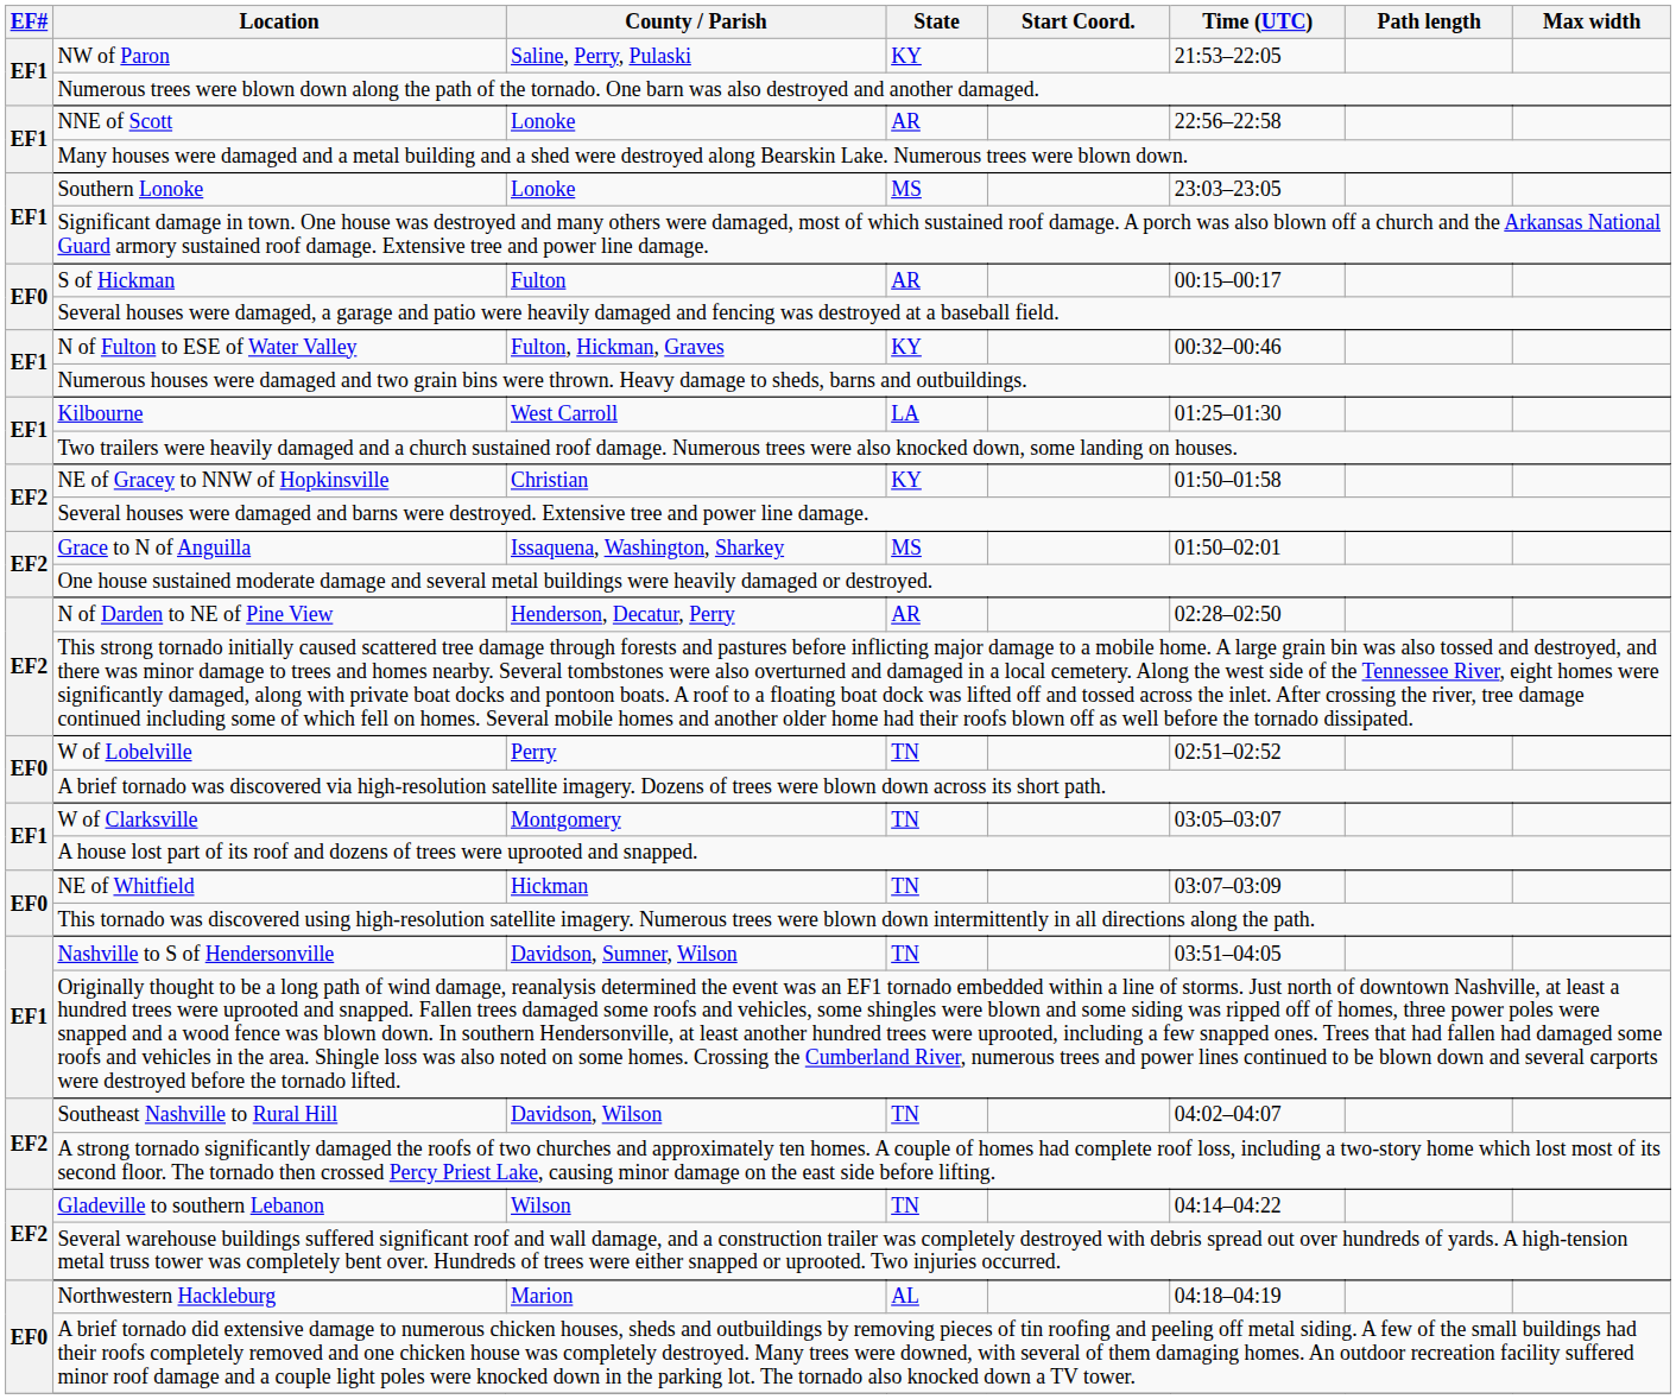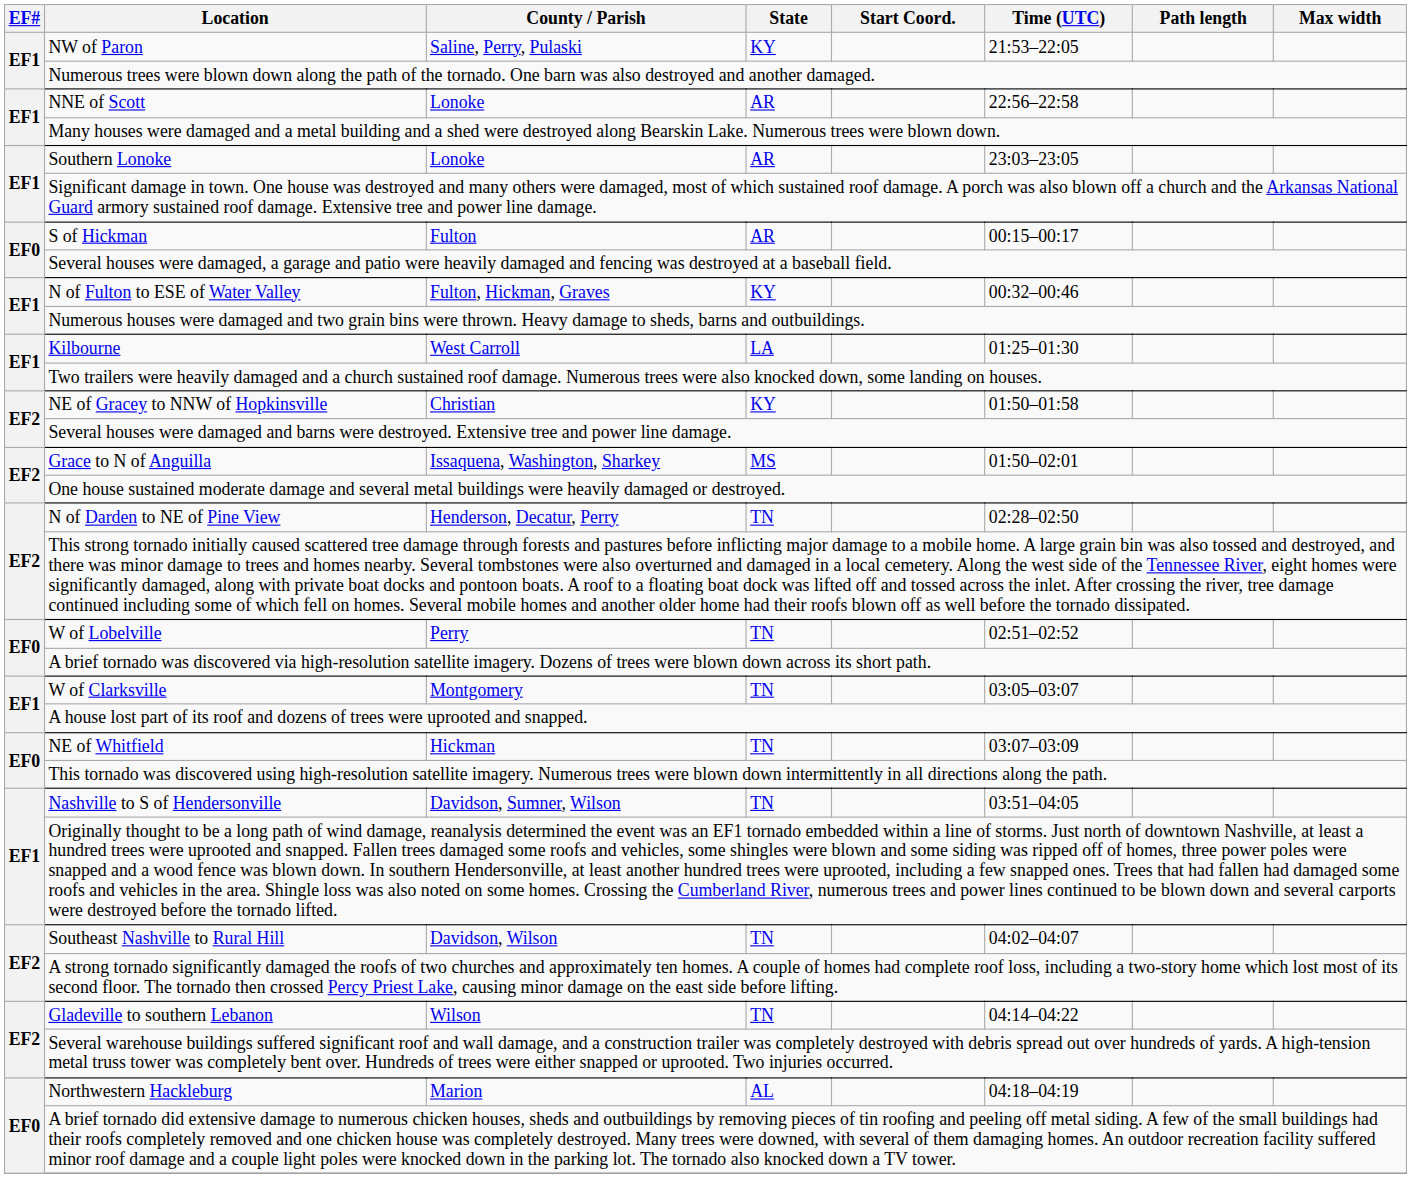 <table class="wikitable sortable" style="width:100%;">
 <tr>
 <th scope="col" width="2%" align="center"><a href='#'>EF#</a></th>
 <th scope="col" align="center" class="unsortable">Location</th>
 <th scope="col" align="center" class="unsortable">County / Parish</th>
 <th scope="col" align="center">State</th>
 <th scope="col" align="center">Start Coord.</th>
 <th scope="col" align="center">Time (<a href='#'>UTC</a>)</th>
 <th scope="col" align="center">Path length</th>
 <th scope="col" align="center">Max width</th>
 </tr>
 <tr>
 <th scope="row" rowspan="2" style="background-color:#">EF1</th>
 <td>NW of <a href='#'>Paron</a></td>
 <td><a href='#'>Saline</a>, <a href='#'>Perry</a>, <a href='#'>Pulaski</a></td>
 <td><a href='#'>KY</a></td>
 <td></td>
 <td>21:53–22:05</td>
 <td></td>
 <td></td>
 </tr>
 <tr class="expand-child">
 <td colspan="8" style=" border-bottom: 1px solid black;">Numerous trees were blown down along the path of the tornado. One barn was also destroyed and another damaged.</td>
 </tr>
 <tr>
 <th scope="row" rowspan="2" style="background-color:#">EF1</th>
 <td>NNE of <a href='#'>Scott</a></td>
 <td><a href='#'>Lonoke</a></td>
 <td><a href='#'>AR</a></td>
 <td></td>
 <td>22:56–22:58</td>
 <td></td>
 <td></td>
 </tr>
 <tr class="expand-child">
 <td colspan="8" style=" border-bottom: 1px solid black;">Many houses were damaged and a metal building and a shed were destroyed along Bearskin Lake. Numerous trees were blown down.</td>
 </tr>
 <tr>
 <th scope="row" rowspan="2" style="background-color:#">EF1</th>
 <td>Southern <a href='#'>Lonoke</a></td>
 <td><a href='#'>Lonoke</a></td>
-<td><a href='#'>MS</a></td>
+<td><a href='#'>AR</a></td>
 <td></td>
 <td>23:03–23:05</td>
 <td></td>
 <td></td>
 </tr>
 <tr class="expand-child">
 <td colspan="8" style=" border-bottom: 1px solid black;">Significant damage in town. One house was destroyed and many others were damaged, most of which sustained roof damage. A porch was also blown off a church and the <a href='#'>Arkansas National Guard</a> armory sustained roof damage. Extensive tree and power line damage.</td>
 </tr>
 <tr>
 <th scope="row" rowspan="2" style="background-color:#">EF0</th>
 <td>S of <a href='#'>Hickman</a></td>
 <td><a href='#'>Fulton</a></td>
 <td><a href='#'>AR</a></td>
 <td></td>
 <td>00:15–00:17</td>
 <td></td>
 <td></td>
 </tr>
 <tr class="expand-child">
 <td colspan="8" style=" border-bottom: 1px solid black;">Several houses were damaged, a garage and patio were heavily damaged and fencing was destroyed at a baseball field.</td>
 </tr>
 <tr>
 <th scope="row" rowspan="2" style="background-color:#">EF1</th>
 <td>N of <a href='#'>Fulton</a> to ESE of <a href='#'>Water Valley</a></td>
 <td><a href='#'>Fulton</a>, <a href='#'>Hickman</a>, <a href='#'>Graves</a></td>
 <td><a href='#'>KY</a></td>
 <td></td>
 <td>00:32–00:46</td>
 <td></td>
 <td></td>
 </tr>
 <tr class="expand-child">
 <td colspan="8" style=" border-bottom: 1px solid black;">Numerous houses were damaged and two grain bins were thrown. Heavy damage to sheds, barns and outbuildings.</td>
 </tr>
 <tr>
 <th scope="row" rowspan="2" style="background-color:#">EF1</th>
 <td><a href='#'>Kilbourne</a></td>
 <td><a href='#'>West Carroll</a></td>
 <td><a href='#'>LA</a></td>
 <td></td>
 <td>01:25–01:30</td>
 <td></td>
 <td></td>
 </tr>
 <tr class="expand-child">
 <td colspan="8" style=" border-bottom: 1px solid black;">Two trailers were heavily damaged and a church sustained roof damage. Numerous trees were also knocked down, some landing on houses.</td>
 </tr>
 <tr>
 <th scope="row" rowspan="2" style="background-color:#">EF2</th>
 <td>NE of <a href='#'>Gracey</a> to NNW of <a href='#'>Hopkinsville</a></td>
 <td><a href='#'>Christian</a></td>
 <td><a href='#'>KY</a></td>
 <td></td>
 <td>01:50–01:58</td>
 <td></td>
 <td></td>
 </tr>
 <tr class="expand-child">
 <td colspan="8" style=" border-bottom: 1px solid black;">Several houses were damaged and barns were destroyed. Extensive tree and power line damage.</td>
 </tr>
 <tr>
 <th scope="row" rowspan="2" style="background-color:#">EF2</th>
 <td><a href='#'>Grace</a> to N of <a href='#'>Anguilla</a></td>
 <td><a href='#'>Issaquena</a>, <a href='#'>Washington</a>, <a href='#'>Sharkey</a></td>
 <td><a href='#'>MS</a></td>
 <td></td>
 <td>01:50–02:01</td>
 <td></td>
 <td></td>
 </tr>
 <tr class="expand-child">
 <td colspan="8" style=" border-bottom: 1px solid black;">One house sustained moderate damage and several metal buildings were heavily damaged or destroyed.</td>
 </tr>
 <tr>
 <th scope="row" rowspan="2" style="background-color:#">EF2</th>
 <td>N of <a href='#'>Darden</a> to NE of <a href='#'>Pine View</a></td>
 <td><a href='#'>Henderson</a>, <a href='#'>Decatur</a>, <a href='#'>Perry</a></td>
-<td><a href='#'>AR</a></td>
+<td><a href='#'>TN</a></td>
 <td></td>
 <td>02:28–02:50</td>
 <td></td>
 <td></td>
 </tr>
 <tr class="expand-child">
 <td colspan="8" style=" border-bottom: 1px solid black;">This strong tornado initially caused scattered tree damage through forests and pastures before inflicting major damage to a mobile home. A large grain bin was also tossed  and destroyed, and there was minor damage to trees and homes nearby. Several tombstones were also overturned and damaged in a local cemetery. Along the west side of the <a href='#'>Tennessee River</a>, eight homes were significantly damaged, along with private boat docks and pontoon boats. A roof to a floating boat dock was lifted off and tossed across the inlet. After crossing the river, tree damage continued including some of which fell on homes. Several mobile homes and another older home had their roofs blown off as well before the tornado dissipated.</td>
 </tr>
 <tr>
 <th scope="row" rowspan="2" style="background-color:#">EF0</th>
 <td>W of <a href='#'>Lobelville</a></td>
 <td><a href='#'>Perry</a></td>
 <td><a href='#'>TN</a></td>
 <td></td>
 <td>02:51–02:52</td>
 <td></td>
 <td></td>
 </tr>
 <tr class="expand-child">
 <td colspan="8" style=" border-bottom: 1px solid black;">A brief tornado was discovered via high-resolution satellite imagery. Dozens of trees were blown down across its short path.</td>
 </tr>
 <tr>
 <th scope="row" rowspan="2" style="background-color:#">EF1</th>
 <td>W of <a href='#'>Clarksville</a></td>
 <td><a href='#'>Montgomery</a></td>
 <td><a href='#'>TN</a></td>
 <td></td>
 <td>03:05–03:07</td>
 <td></td>
 <td></td>
 </tr>
 <tr class="expand-child">
 <td colspan="8" style=" border-bottom: 1px solid black;">A house lost part of its roof and dozens of trees were uprooted and snapped.</td>
 </tr>
 <tr>
 <th scope="row" rowspan="2" style="background-color:#">EF0</th>
 <td>NE of <a href='#'>Whitfield</a></td>
 <td><a href='#'>Hickman</a></td>
 <td><a href='#'>TN</a></td>
 <td></td>
 <td>03:07–03:09</td>
 <td></td>
 <td></td>
 </tr>
 <tr class="expand-child">
 <td colspan="8" style=" border-bottom: 1px solid black;">This tornado was discovered using high-resolution satellite imagery. Numerous trees were blown down intermittently in all directions along the path.</td>
 </tr>
 <tr>
 <th scope="row" rowspan="2" style="background-color:#">EF1</th>
 <td><a href='#'>Nashville</a> to S of <a href='#'>Hendersonville</a></td>
 <td><a href='#'>Davidson</a>, <a href='#'>Sumner</a>, <a href='#'>Wilson</a></td>
 <td><a href='#'>TN</a></td>
 <td></td>
 <td>03:51–04:05</td>
 <td></td>
 <td></td>
 </tr>
 <tr class="expand-child">
 <td colspan="8" style=" border-bottom: 1px solid black;">Originally thought to be a long path of wind damage, reanalysis determined the event was an EF1 tornado embedded within a line of storms. Just north of downtown Nashville, at least a hundred trees were uprooted and snapped. Fallen trees damaged some roofs and vehicles, some shingles were blown and some siding was ripped off of homes, three power poles were snapped and a wood fence was blown down. In southern Hendersonville, at least another hundred trees were uprooted, including a few snapped ones. Trees that had fallen had damaged some roofs and vehicles in the area. Shingle loss was also noted on some homes. Crossing the <a href='#'>Cumberland River</a>, numerous trees and power lines continued to be blown down and several carports were destroyed before the tornado lifted.</td>
 </tr>
 <tr>
 <th scope="row" rowspan="2" style="background-color:#">EF2</th>
 <td>Southeast <a href='#'>Nashville</a> to <a href='#'>Rural Hill</a></td>
 <td><a href='#'>Davidson</a>, <a href='#'>Wilson</a></td>
 <td><a href='#'>TN</a></td>
 <td></td>
 <td>04:02–04:07</td>
 <td></td>
 <td></td>
 </tr>
 <tr class="expand-child">
 <td colspan="8" style=" border-bottom: 1px solid black;">A strong tornado significantly damaged the roofs of two churches and approximately ten homes. A couple of homes had complete roof loss, including a two-story home which lost most of its second floor. The tornado then crossed <a href='#'>Percy Priest Lake</a>, causing minor damage on the east side before lifting.</td>
 </tr>
 <tr>
 <th scope="row" rowspan="2" style="background-color:#">EF2</th>
 <td><a href='#'>Gladeville</a> to southern <a href='#'>Lebanon</a></td>
 <td><a href='#'>Wilson</a></td>
 <td><a href='#'>TN</a></td>
 <td></td>
 <td>04:14–04:22</td>
 <td></td>
 <td></td>
 </tr>
 <tr class="expand-child">
 <td colspan="8" style=" border-bottom: 1px solid black;">Several warehouse buildings suffered significant roof and wall damage, and a construction trailer was completely destroyed with debris spread out over hundreds of yards. A high-tension metal truss tower was completely bent over. Hundreds of trees were either snapped or uprooted. Two injuries occurred.</td>
 </tr>
 <tr>
 <th scope="row" rowspan="2" style="background-color:#">EF0</th>
 <td>Northwestern <a href='#'>Hackleburg</a></td>
 <td><a href='#'>Marion</a></td>
 <td><a href='#'>AL</a></td>
 <td></td>
 <td>04:18–04:19</td>
 <td></td>
 <td></td>
 </tr>
 <tr class="expand-child">
 <td colspan="8" style=" border-bottom: 1px solid black;">A brief tornado did extensive damage to numerous chicken houses, sheds and outbuildings by removing pieces of tin roofing and peeling off metal siding. A few of the small buildings had their roofs completely removed and one chicken house was completely destroyed. Many trees were downed, with several of them damaging homes. An outdoor recreation facility suffered minor roof damage and a couple light poles were knocked down in the parking lot. The tornado also knocked down a TV tower.</td>
 </tr>
 <tr>
 </tr>
 </table>
